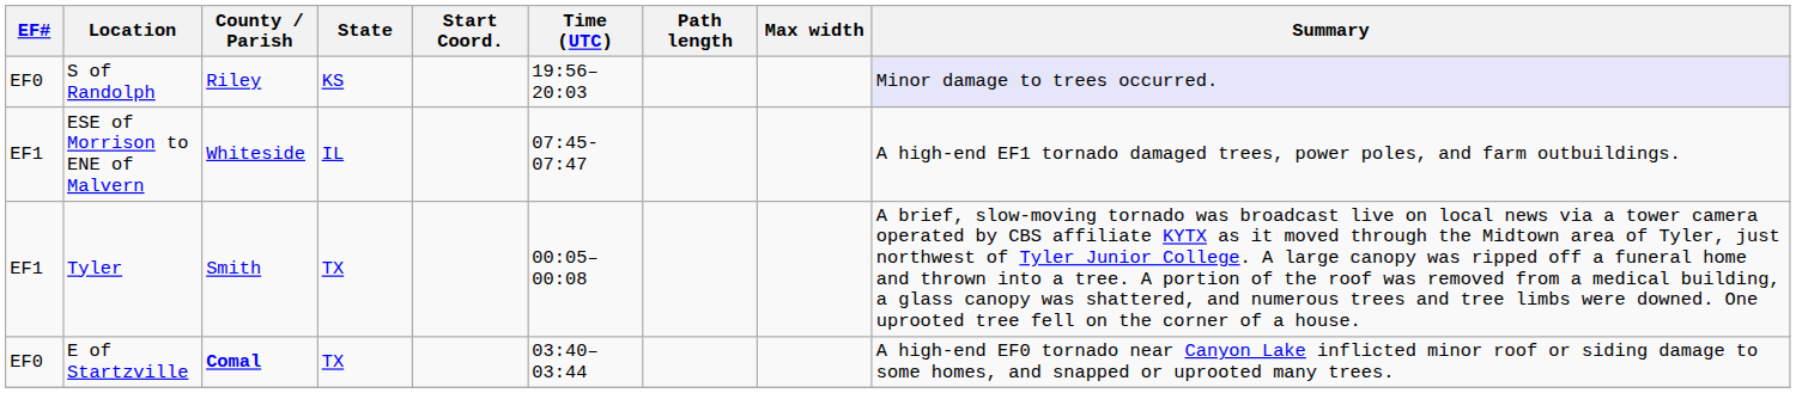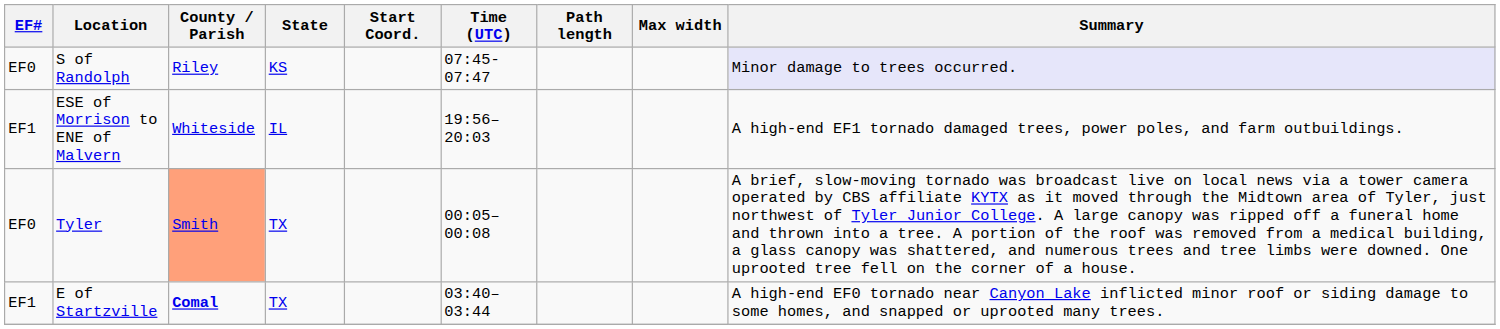 <table class="wikitable sortable" style="width:100%;">
 <tr>
 <th scope="col"  style="width:3%; text-align:center;"><a href='#'>EF#</a></th>
 <th scope="col"  style="width:7%; text-align:center;" class="unsortable">Location</th>
 <th scope="col"  style="width:6%; text-align:center;" class="unsortable">County / Parish</th>
 <th scope="col"  style="width:5%; text-align:center;">State</th>
 <th scope="col"  style="width:6%; text-align:center;">Start Coord.</th>
 <th scope="col"  style="width:6%; text-align:center;">Time (<a href='#'>UTC</a>)</th>
 <th scope="col"  style="width:6%; text-align:center;">Path length</th>
 <th scope="col"  style="width:6%; text-align:center;">Max width</th>
 <th scope="col" class="unsortable" style="width:48%; text-align:center;">Summary</th>
 </tr>
 <tr>
 <td>EF0</td>
 <td>S of <a href='#'>Randolph</a></td>
 <td><a href='#'>Riley</a></td>
 <td><a href='#'>KS</a></td>
 <td></td>
-<td>19:56–20:03</td>
+<td>07:45-07:47</td>
 <td></td>
 <td></td>
 <td style="background: lavender;">Minor damage to trees occurred.</td>
 </tr>
 <tr>
 <td>EF1</td>
 <td>ESE of <a href='#'>Morrison</a> to ENE of <a href='#'>Malvern</a></td>
 <td><a href='#'>Whiteside</a></td>
 <td><a href='#'>IL</a></td>
 <td></td>
-<td>07:45-07:47</td>
+<td>19:56–20:03</td>
 <td></td>
 <td></td>
 <td>A high-end EF1 tornado damaged trees, power poles, and farm outbuildings.</td>
 </tr>
 <tr>
-<td>EF1</td>
+<td>EF0</td>
 <td><a href='#'>Tyler</a></td>
-<td><a href='#'>Smith</a></td>
+<td style="background: lightsalmon;"><a href='#'>Smith</a></td>
 <td><a href='#'>TX</a></td>
 <td></td>
 <td>00:05–00:08</td>
 <td></td>
 <td></td>
 <td>A brief, slow-moving tornado was broadcast live on local news via a tower camera operated by CBS affiliate <a href='#'>KYTX</a> as it moved through the Midtown area of Tyler, just northwest of <a href='#'>Tyler Junior College</a>. A large canopy was ripped off a funeral home and thrown into a tree. A portion of the roof was removed from a medical building, a glass canopy was shattered, and numerous trees and tree limbs were downed. One uprooted tree fell on the corner of a house.</td>
 </tr>
 <tr>
-<td>EF0</td>
+<td>EF1</td>
 <td>E of <a href='#'>Startzville</a></td>
 <td><strong><a href='#'>Comal</a></strong></td>
 <td><a href='#'>TX</a></td>
 <td></td>
 <td>03:40–03:44</td>
 <td></td>
 <td></td>
 <td>A high-end EF0 tornado near <a href='#'>Canyon Lake</a> inflicted minor roof or siding damage to some homes, and snapped or uprooted many trees.</td>
 </tr>
 <tr>
 </tr>
 </table>
